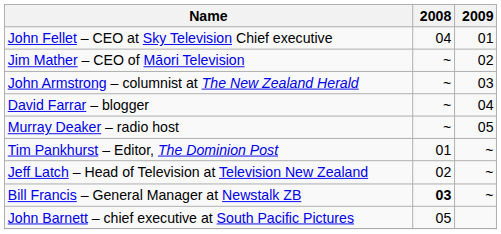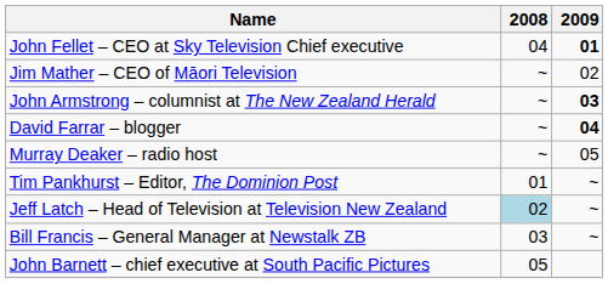 <table class="wikitable sortable" width="85%" style="font-size:95%;">
 <tr>
 <th>Name</th>
 <th style="text-align: right;">2008</th>
 <th style="text-align: right;">2009</th>
 </tr>
 <tr>
 <td><a href='#'>John Fellet</a> – CEO at <a href='#'>Sky Television</a> Chief executive</td>
 <td style="text-align: right;">04</td>
-<td style="text-align: right;">01</td>
+<td style="text-align: right;"><strong>01</strong></td>
 </tr>
 <tr>
 <td><a href='#'>Jim Mather</a> – CEO of <a href='#'>Māori Television</a></td>
 <td style="text-align: right;">~</td>
 <td style="text-align: right;">02</td>
 </tr>
 <tr>
 <td><a href='#'>John Armstrong</a> – columnist at <em><a href='#'>The New Zealand Herald</a></em></td>
 <td style="text-align: right;">~</td>
-<td style="text-align: right;">03</td>
+<td style="text-align: right;"><strong>03</strong></td>
 </tr>
 <tr>
 <td><a href='#'>David Farrar</a> – blogger</td>
 <td style="text-align: right;">~</td>
-<td style="text-align: right;">04</td>
+<td style="text-align: right;"><strong>04</strong></td>
 </tr>
 <tr>
 <td><a href='#'>Murray Deaker</a> – radio host</td>
 <td style="text-align: right;">~</td>
 <td style="text-align: right;">05</td>
 </tr>
 <tr>
 <td><a href='#'>Tim Pankhurst</a> – Editor, <em><a href='#'>The Dominion Post</a></em></td>
 <td style="text-align: right;">01</td>
 <td style="text-align: right;">~</td>
 </tr>
 <tr>
 <td><a href='#'>Jeff Latch</a> – Head of Television at <a href='#'>Television New Zealand</a></td>
-<td style="text-align: right;">02</td>
+<td style="background: lightblue; text-align: right;">02</td>
 <td style="text-align: right;">~</td>
 </tr>
 <tr>
 <td><a href='#'>Bill Francis</a> – General Manager at <a href='#'>Newstalk ZB</a></td>
-<td style="text-align: right;"><strong>03</strong></td>
+<td style="text-align: right;">03</td>
 <td style="text-align: right;">~</td>
 </tr>
 <tr>
 <td><a href='#'>John Barnett</a> – chief executive at <a href='#'>South Pacific Pictures</a></td>
 <td style="text-align: right;">05</td>
 <td style="text-align: right;"></td>
 </tr>
 <tr>
 </tr>
 </table>
